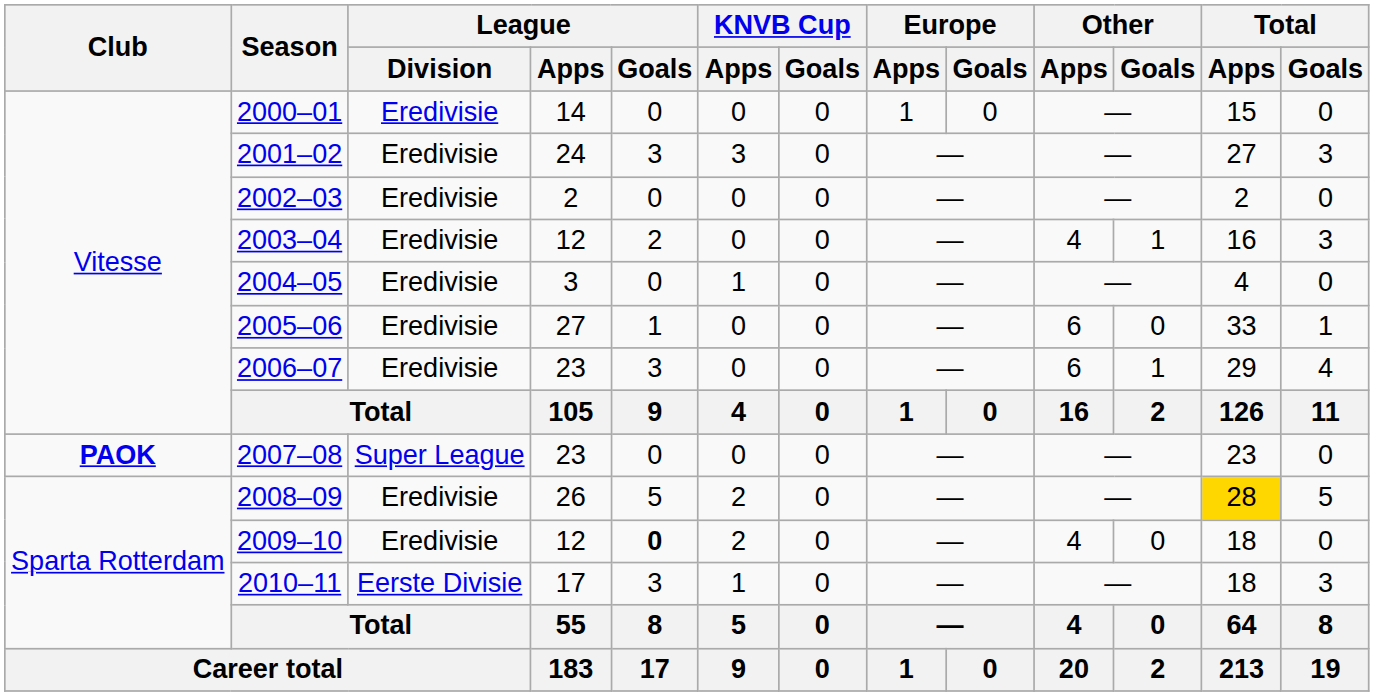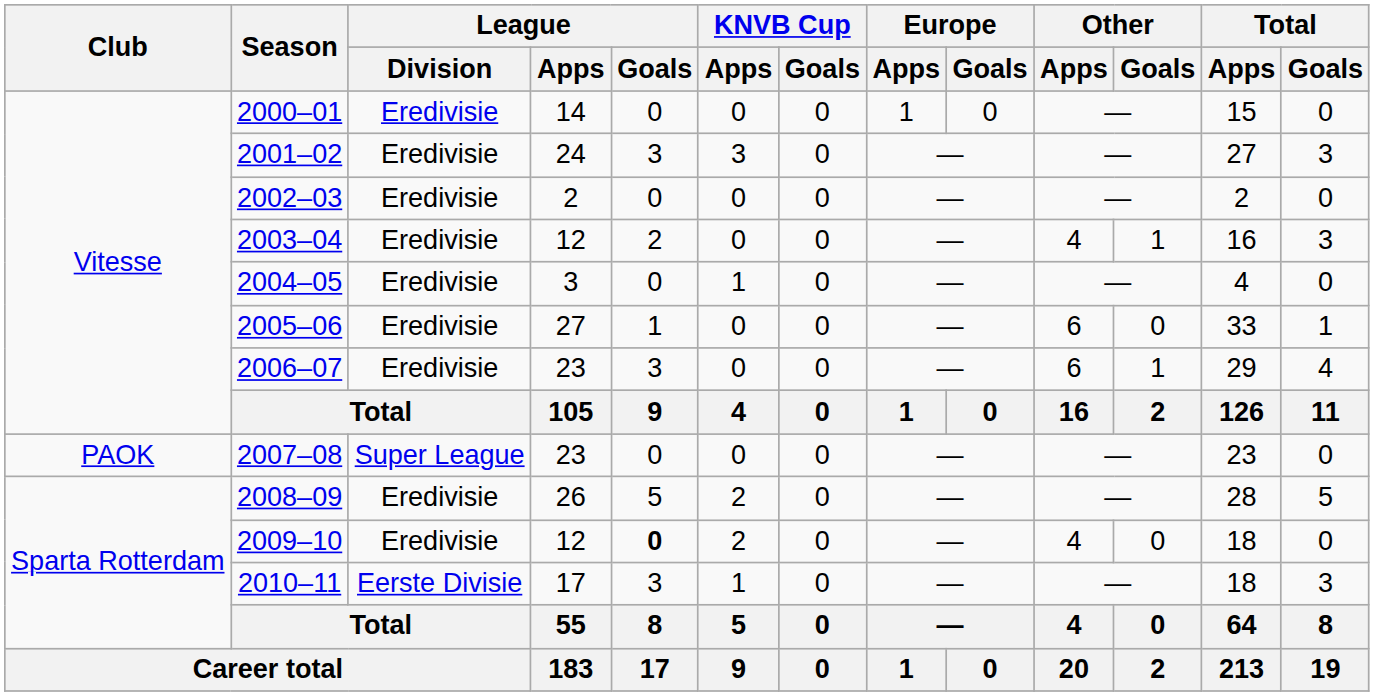 <table class="wikitable" style="text-align:center">
 <tr>
 <th rowspan="2">Club</th>
 <th rowspan="2">Season</th>
 <th colspan="3">League</th>
 <th colspan="2"><a href='#'>KNVB Cup</a></th>
 <th colspan="2">Europe</th>
 <th colspan="2">Other</th>
 <th colspan="2">Total</th>
 </tr>
 <tr>
 <th>Division</th>
 <th>Apps</th>
 <th>Goals</th>
 <th>Apps</th>
 <th>Goals</th>
 <th>Apps</th>
 <th>Goals</th>
 <th>Apps</th>
 <th>Goals</th>
 <th>Apps</th>
 <th>Goals</th>
 </tr>
 <tr>
 <td rowspan="8"><a href='#'>Vitesse</a></td>
 <td><a href='#'>2000–01</a></td>
 <td><a href='#'>Eredivisie</a></td>
 <td>14</td>
 <td>0</td>
 <td>0</td>
 <td>0</td>
 <td>1</td>
 <td>0</td>
 <td colspan="2">—</td>
 <td>15</td>
 <td>0</td>
 </tr>
 <tr>
 <td><a href='#'>2001–02</a></td>
 <td>Eredivisie</td>
 <td>24</td>
 <td>3</td>
 <td>3</td>
 <td>0</td>
 <td colspan="2">—</td>
 <td colspan="2">—</td>
 <td>27</td>
 <td>3</td>
 </tr>
 <tr>
 <td><a href='#'>2002–03</a></td>
 <td>Eredivisie</td>
 <td>2</td>
 <td>0</td>
 <td>0</td>
 <td>0</td>
 <td colspan="2">—</td>
 <td colspan="2">—</td>
 <td>2</td>
 <td>0</td>
 </tr>
 <tr>
 <td><a href='#'>2003–04</a></td>
 <td>Eredivisie</td>
 <td>12</td>
 <td>2</td>
 <td>0</td>
 <td>0</td>
 <td colspan="2">—</td>
 <td>4</td>
 <td>1</td>
 <td>16</td>
 <td>3</td>
 </tr>
 <tr>
 <td><a href='#'>2004–05</a></td>
 <td>Eredivisie</td>
 <td>3</td>
 <td>0</td>
 <td>1</td>
 <td>0</td>
 <td colspan="2">—</td>
 <td colspan="2">—</td>
 <td>4</td>
 <td>0</td>
 </tr>
 <tr>
 <td><a href='#'>2005–06</a></td>
 <td>Eredivisie</td>
 <td>27</td>
 <td>1</td>
 <td>0</td>
 <td>0</td>
 <td colspan="2">—</td>
 <td>6</td>
 <td>0</td>
 <td>33</td>
 <td>1</td>
 </tr>
 <tr>
 <td><a href='#'>2006–07</a></td>
 <td>Eredivisie</td>
 <td>23</td>
 <td>3</td>
 <td>0</td>
 <td>0</td>
 <td colspan="2">—</td>
 <td>6</td>
 <td>1</td>
 <td>29</td>
 <td>4</td>
 </tr>
 <tr>
 <th colspan="2">Total</th>
 <th>105</th>
 <th>9</th>
 <th>4</th>
 <th>0</th>
 <th>1</th>
 <th>0</th>
 <th>16</th>
 <th>2</th>
 <th>126</th>
 <th>11</th>
 </tr>
 <tr>
-<td><strong><a href='#'>PAOK</a></strong></td>
+<td><a href='#'>PAOK</a></td>
 <td><a href='#'>2007–08</a></td>
 <td><a href='#'>Super League</a></td>
 <td>23</td>
 <td>0</td>
 <td>0</td>
 <td>0</td>
 <td colspan="2">—</td>
 <td colspan="2">—</td>
 <td>23</td>
 <td>0</td>
 </tr>
 <tr>
 <td rowspan="4"><a href='#'>Sparta Rotterdam</a></td>
 <td><a href='#'>2008–09</a></td>
 <td>Eredivisie</td>
 <td>26</td>
 <td>5</td>
 <td>2</td>
 <td>0</td>
 <td colspan="2">—</td>
 <td colspan="2">—</td>
-<td style="background: gold;">28</td>
+<td>28</td>
 <td>5</td>
 </tr>
 <tr>
 <td><a href='#'>2009–10</a></td>
 <td>Eredivisie</td>
 <td>12</td>
 <td><strong>0</strong></td>
 <td>2</td>
 <td>0</td>
 <td colspan="2">—</td>
 <td>4</td>
 <td>0</td>
 <td>18</td>
 <td>0</td>
 </tr>
 <tr>
 <td><a href='#'>2010–11</a></td>
 <td><a href='#'>Eerste Divisie</a></td>
 <td>17</td>
 <td>3</td>
 <td>1</td>
 <td>0</td>
 <td colspan="2">—</td>
 <td colspan="2">—</td>
 <td>18</td>
 <td>3</td>
 </tr>
 <tr>
 <th colspan="2">Total</th>
 <th>55</th>
 <th>8</th>
 <th>5</th>
 <th>0</th>
 <th colspan="2">—</th>
 <th>4</th>
 <th>0</th>
 <th>64</th>
 <th>8</th>
 </tr>
 <tr>
 <th colspan="3">Career total</th>
 <th>183</th>
 <th>17</th>
 <th>9</th>
 <th>0</th>
 <th>1</th>
 <th>0</th>
 <th>20</th>
 <th>2</th>
 <th>213</th>
 <th>19</th>
 </tr>
 </table>
